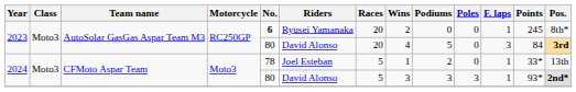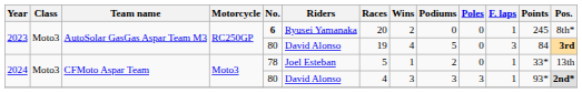 <table class="wikitable" style="text-align:right; font-size:80%">
 <tr>
 <th scope="col">Year</th>
 <th scope="col">Class</th>
 <th scope="col">Team name</th>
 <th scope="col">Motorcycle</th>
 <th scope="col">No.</th>
 <th scope="col">Riders</th>
 <th scope="col">Races</th>
 <th scope="col">Wins</th>
 <th scope="col">Podiums</th>
 <th scope="col"><a href='#'>Poles</a></th>
 <th scope="col"><a href='#'>F. laps</a></th>
 <th scope="col">Points</th>
 <th scope="col">Pos.</th>
 </tr>
 <tr>
 <td align="left" rowspan="2"><a href='#'>2023</a></td>
 <td align="left" rowspan="2">Moto3</td>
 <td align="left" rowspan="2"><a href='#'>AutoSolar GasGas Aspar Team M3</a></td>
 <td align="left" rowspan="2"><a href='#'>RC250GP</a></td>
 <td align=center><strong>6</strong></td>
 <td align="left"> <a href='#'>Ryusei Yamanaka</a></td>
 <td>20</td>
 <td>2</td>
 <td>0</td>
 <td>0</td>
 <td>1</td>
 <td>245</td>
 <td>8th*</td>
 </tr>
 <tr>
 <td align=center>80</td>
 <td align="left"> <a href='#'>David Alonso</a></td>
-<td>20</td>
+<td>19</td>
 <td>4</td>
 <td>5</td>
 <td>0</td>
 <td>3</td>
 <td>84</td>
 <td bgcolor="#ffdf9f"><strong>3rd</strong></td>
 </tr>
 <tr>
 <td align="left" rowspan="2"><a href='#'>2024</a></td>
 <td align="left" rowspan="2">Moto3</td>
 <td align="left" rowspan="2"><a href='#'>CFMoto Aspar Team</a></td>
 <td align="left" rowspan="2"><a href='#'>Moto3</a></td>
 <td align=center>78</td>
 <td align="left"> <a href='#'>Joel Esteban</a></td>
 <td>5</td>
 <td>1</td>
 <td>2</td>
 <td>0</td>
 <td>1</td>
 <td>33*</td>
 <td>13th</td>
 </tr>
 <tr>
 <td align=center>80</td>
 <td align="left"> <a href='#'>David Alonso</a></td>
-<td>5</td>
+<td>4</td>
 <td>3</td>
 <td>3</td>
 <td>3</td>
 <td>1</td>
 <td>93*</td>
 <td bgcolor="#dfdfdf"><strong>2nd*</strong></td>
 </tr>
 <tr>
 </tr>
 </table>
